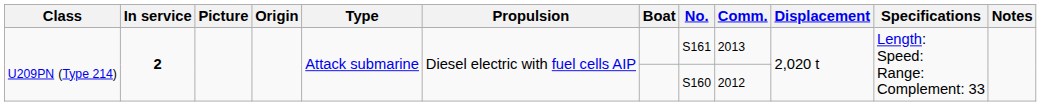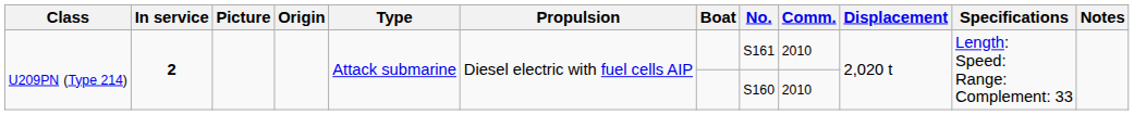 <table class="wikitable">
 <tr>
 <th>Class</th>
 <th>In service</th>
 <th>Picture</th>
 <th>Origin</th>
 <th>Type</th>
 <th>Propulsion</th>
 <th>Boat</th>
 <th><a href='#'>No.</a></th>
 <th><a href='#'>Comm.</a></th>
 <th><a href='#'>Displacement</a></th>
 <th>Specifications</th>
 <th>Notes</th>
 </tr>
 <tr>
 <td rowspan="2"><strong></strong><br><small><a href='#'>U209PN</a></small> <small>(<a href='#'>Type 214</a>)</small></td>
 <td rowspan="2" style="text-align: center;"><strong>2</strong></td>
 <td rowspan="2"></td>
 <td rowspan="2"></td>
 <td rowspan="2"><a href='#'>Attack submarine</a></td>
 <td rowspan="2">Diesel electric with <a href='#'>fuel cells AIP</a></td>
 <td><small></small></td>
 <td><small>S161</small></td>
-<td><small>2013</small></td>
+<td><small>2010</small></td>
 <td rowspan="2">2,020 t</td>
 <td rowspan="2"><a href='#'>Length</a>: <br>Speed: <br>Range: <br>Complement: 33</td>
 <td rowspan="2"></td>
 </tr>
 <tr>
 <td><small></small></td>
 <td><small>S160</small></td>
-<td><small>2012</small></td>
+<td><small>2010</small></td>
 </tr>
 </table>
